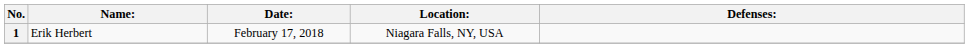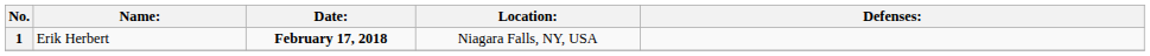 <table class="wikitable" width=100%>
 <tr>
 <th width=1%>No.</th>
 <th width=19%>Name:</th>
 <th width=15%>Date:</th>
 <th width=20%>Location:</th>
 <th width=45%>Defenses:</th>
 </tr>
 <tr>
 <th>1</th>
 <td align=left> Erik Herbert<br></td>
-<td align=center>February 17, 2018<br></td>
+<td align=center><strong>February 17, 2018<br></strong></td>
 <td align=center>Niagara Falls, NY, USA</td>
 <td></td>
 </tr>
 <tr>
 </tr>
 </table>
